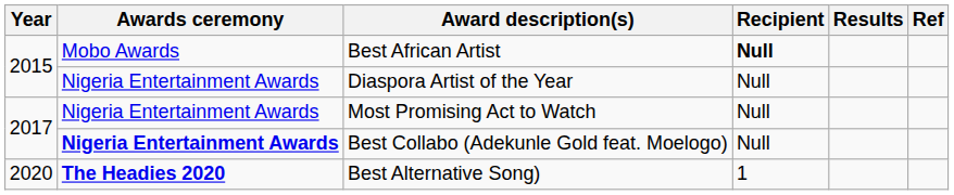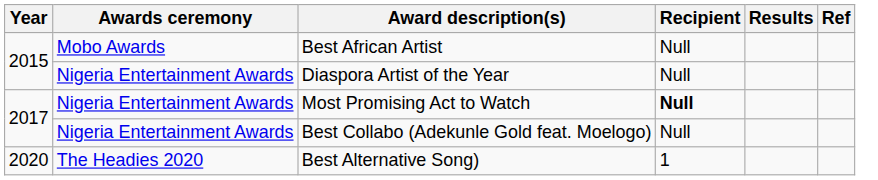 <table class="wikitable">
 <tr>
 <th>Year</th>
 <th>Awards ceremony</th>
 <th>Award description(s)</th>
 <th>Recipient</th>
 <th>Results</th>
 <th>Ref</th>
 </tr>
 <tr>
 <td rowspan="2">2015</td>
 <td><a href='#'>Mobo Awards</a></td>
 <td>Best African Artist</td>
-<td><strong>Null</strong></td>
+<td>Null</td>
 <td></td>
 <td></td>
 </tr>
 <tr>
 <td><a href='#'>Nigeria Entertainment Awards</a></td>
 <td>Diaspora Artist of the Year</td>
 <td>Null</td>
 <td></td>
 <td></td>
 </tr>
 <tr>
 <td rowspan="2">2017</td>
 <td><a href='#'>Nigeria Entertainment Awards</a></td>
 <td>Most Promising Act to Watch</td>
-<td>Null</td>
+<td><strong>Null</strong></td>
 <td></td>
 <td></td>
 </tr>
 <tr>
-<td><strong><a href='#'>Nigeria Entertainment Awards</a></strong></td>
+<td><a href='#'>Nigeria Entertainment Awards</a></td>
 <td>Best Collabo (Adekunle Gold feat. Moelogo)</td>
 <td>Null</td>
 <td></td>
 <td></td>
 </tr>
 <tr>
 <td rowspan="3">2020</td>
-<td><strong><a href='#'>The Headies 2020</a></strong></td>
+<td><a href='#'>The Headies 2020</a></td>
 <td>Best Alternative Song)</td>
 <td>1</td>
 <td></td>
 <td></td>
 </tr>
 </table>
